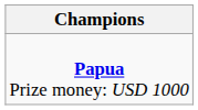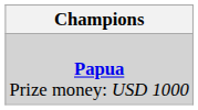 <table class="wikitable" style="text-align: center; margin: 0 auto;">
 <tr>
 <th>Champions</th>
 </tr>
 <tr>
-<td><br><strong><a href='#'>Papua</a></strong><br>Prize money: <em>USD 1000</em></td>
+<td style="background: lightgrey;"><br><strong><a href='#'>Papua</a></strong><br>Prize money: <em>USD 1000</em></td>
 </tr>
 </table>
